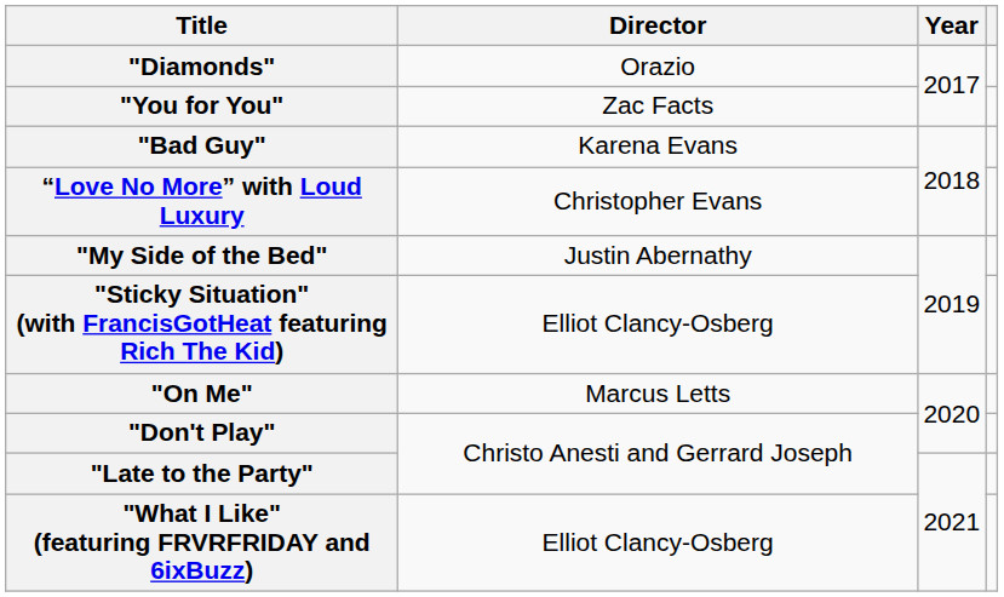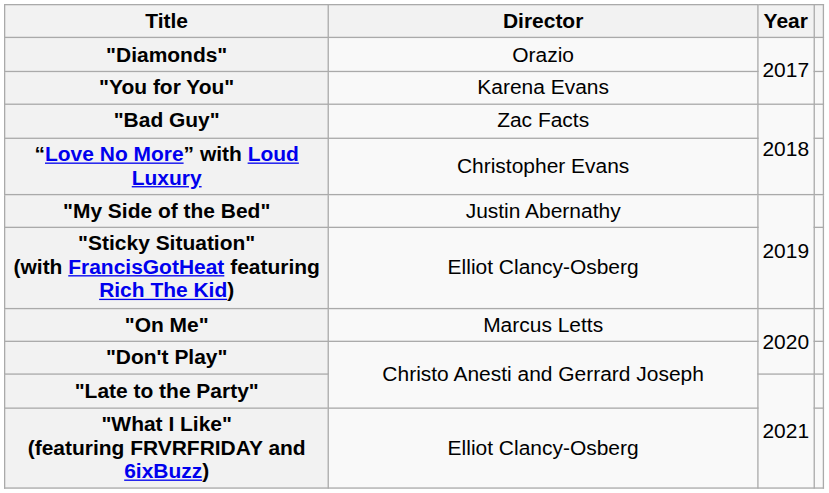 <table class="wikitable plainrowheaders" style="text-align:center;">
 <tr>
 <th scope="col" style="width:15em;">Title</th>
 <th scope="col" style="width:20em;">Director</th>
 <th scope="col" style="width:1em;">Year</th>
 <th scope="col"></th>
 </tr>
 <tr>
 <th scope="row">"Diamonds"</th>
 <td scope="row">Orazio</td>
 <td rowspan="2">2017</td>
 <td></td>
 </tr>
 <tr>
 <th scope="row">"You for You"</th>
-<td scope="row">Zac Facts</td>
+<td scope="row">Karena Evans</td>
 <td></td>
 </tr>
 <tr>
 <th scope="row">"Bad Guy"</th>
-<td scope="row">Karena Evans</td>
+<td scope="row">Zac Facts</td>
 <td rowspan="2">2018</td>
 <td></td>
 </tr>
 <tr>
 <th scope="row">“<a href='#'>Love No More</a>” with <a href='#'>Loud Luxury</a></th>
 <td scope="row">Christopher Evans</td>
 <td></td>
 </tr>
 <tr>
 <th scope="row">"My Side of the Bed"</th>
 <td scope="row">Justin Abernathy</td>
 <td rowspan="2">2019</td>
 <td></td>
 </tr>
 <tr>
 <th scope="row">"Sticky Situation"<br><span>(with <a href='#'>FrancisGotHeat</a> featuring <a href='#'>Rich The Kid</a>)</span></th>
 <td scope="row">Elliot Clancy-Osberg</td>
 <td></td>
 </tr>
 <tr>
 <th scope="row">"On Me"</th>
 <td scope="row">Marcus Letts</td>
 <td rowspan="2">2020</td>
 <td></td>
 </tr>
 <tr>
 <th scope="row">"Don't Play"</th>
 <td rowspan="2">Christo Anesti and Gerrard Joseph</td>
 <td></td>
 </tr>
 <tr>
 <th scope="row">"Late to the Party"</th>
 <td rowspan="2">2021</td>
 <td></td>
 </tr>
 <tr>
 <th scope="row">"What I Like"<br><span>(featuring FRVRFRIDAY and <a href='#'>6ixBuzz</a>)</span></th>
 <td scope="row">Elliot Clancy-Osberg</td>
 <td></td>
 </tr>
 </table>
